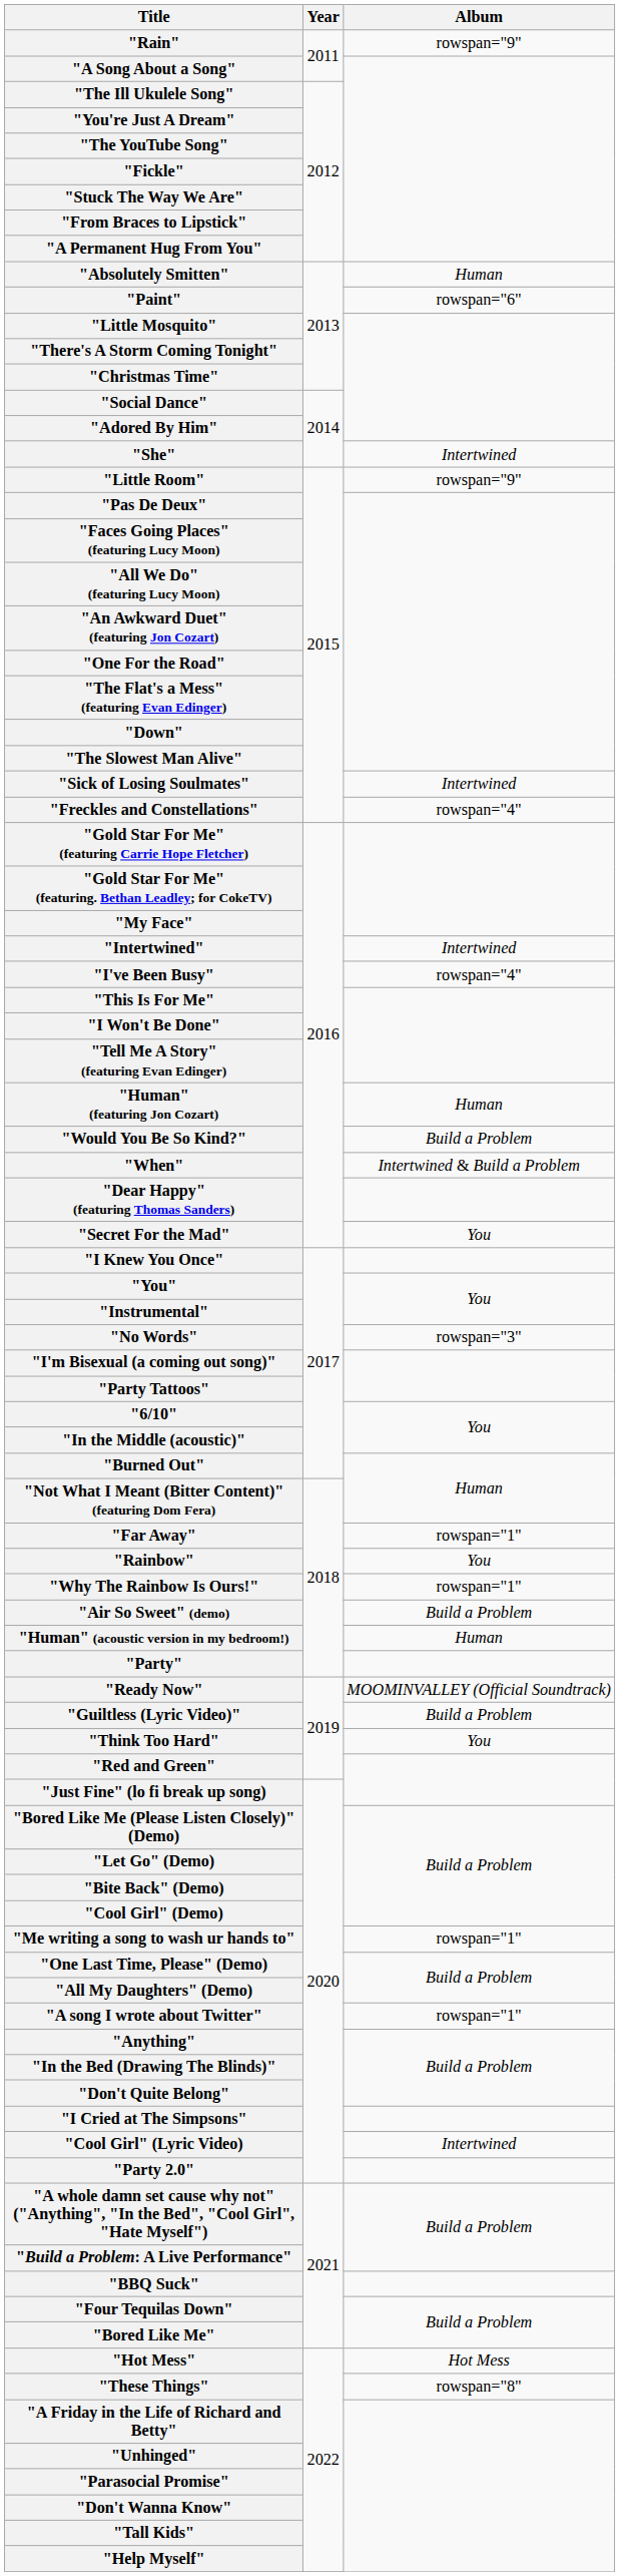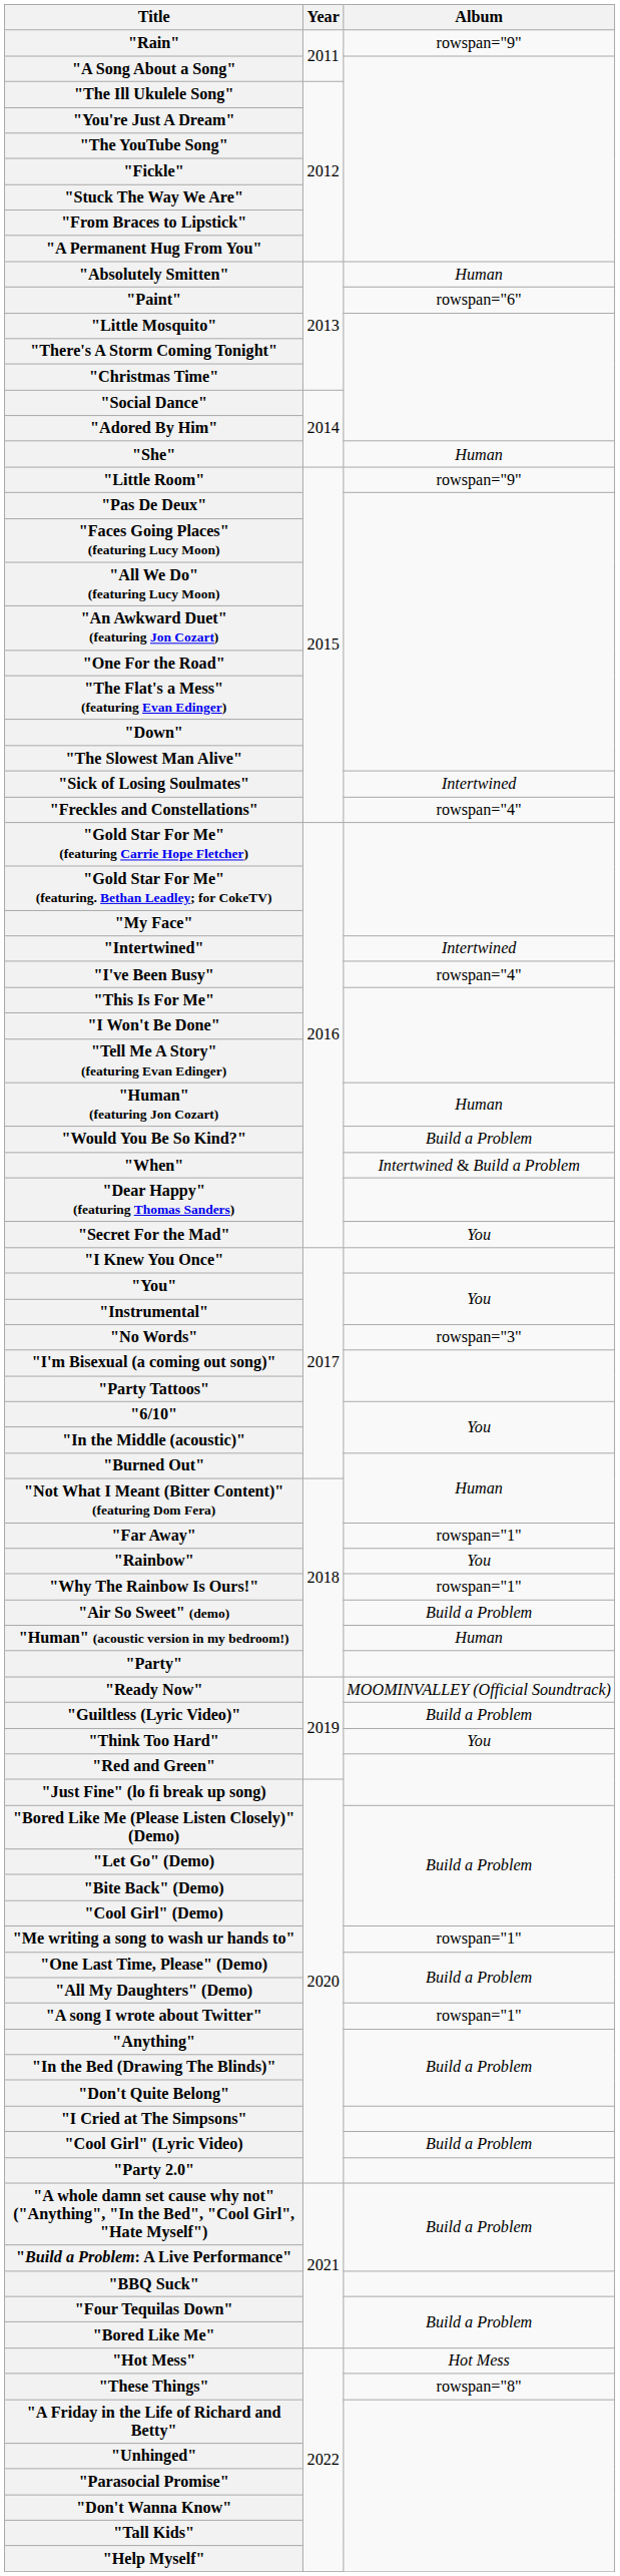 <table class="wikitable plainrowheaders" style="text-align:center;">
 <tr>
 <th scope="col" rowspan="1" style="width:18em;">Title</th>
 <th scope="col" rowspan="1" style="width:1em;">Year</th>
 <th scope="col" rowspan="1">Album</th>
 </tr>
 <tr>
 <th scope="row">"Rain"</th>
 <td rowspan="2">2011</td>
 <td>rowspan="9" </td>
 </tr>
 <tr>
 <th scope="row">"A Song About a Song"</th>
 </tr>
 <tr>
 <th scope="row">"The Ill Ukulele Song"</th>
 <td rowspan="7">2012</td>
 </tr>
 <tr>
 <th scope="row">"You're Just A Dream"</th>
 </tr>
 <tr>
 <th scope="row">"The YouTube Song"</th>
 </tr>
 <tr>
 <th scope="row">"Fickle"</th>
 </tr>
 <tr>
 <th scope="row">"Stuck The Way We Are"</th>
 </tr>
 <tr>
 <th scope="row">"From Braces to Lipstick"</th>
 </tr>
 <tr>
 <th scope="row">"A Permanent Hug From You"</th>
 </tr>
 <tr>
 <th scope="row">"Absolutely Smitten"</th>
 <td rowspan="5">2013</td>
 <td><em>Human</em></td>
 </tr>
 <tr>
 <th scope="row">"Paint"</th>
 <td>rowspan="6" </td>
 </tr>
 <tr>
 <th scope="row">"Little Mosquito"</th>
 </tr>
 <tr>
 <th scope="row">"There's A Storm Coming Tonight"</th>
 </tr>
 <tr>
 <th scope="row">"Christmas Time"</th>
 </tr>
 <tr>
 <th scope="row">"Social Dance"</th>
 <td rowspan="3">2014</td>
 </tr>
 <tr>
 <th scope="row">"Adored By Him"</th>
 </tr>
 <tr>
 <th scope="row">"She"</th>
-<td><em>Intertwined</em></td>
+<td><em>Human</em></td>
 </tr>
 <tr>
 <th scope="row">"Little Room"</th>
 <td rowspan="11">2015</td>
 <td>rowspan="9" </td>
 </tr>
 <tr>
 <th scope="row">"Pas De Deux"</th>
 </tr>
 <tr>
 <th scope="row">"Faces Going Places"<br> <small>(featuring Lucy Moon)</small></th>
 </tr>
 <tr>
 <th scope="row">"All We Do"<br> <small>(featuring Lucy Moon)</small></th>
 </tr>
 <tr>
 <th scope="row">"An Awkward Duet"<br> <small>(featuring <a href='#'>Jon Cozart</a>)</small></th>
 </tr>
 <tr>
 <th scope="row">"One For the Road"</th>
 </tr>
 <tr>
 <th scope="row">"The Flat's a Mess"<br> <small>(featuring <a href='#'>Evan Edinger</a>)</small></th>
 </tr>
 <tr>
 <th scope="row">"Down"</th>
 </tr>
 <tr>
 <th scope="row">"The Slowest Man Alive"</th>
 </tr>
 <tr>
 <th scope="row">"Sick of Losing Soulmates"</th>
 <td><em>Intertwined</em></td>
 </tr>
 <tr>
 <th scope="row">"Freckles and Constellations"</th>
 <td>rowspan="4" </td>
 </tr>
 <tr>
 <th scope="row">"Gold Star For Me"<br> <small>(featuring <a href='#'>Carrie Hope Fletcher</a>)</small></th>
 <td rowspan="13">2016</td>
 </tr>
 <tr>
 <th scope="row">"Gold Star For Me"<br> <small>(featuring. <a href='#'>Bethan Leadley</a>; for CokeTV)</small></th>
 </tr>
 <tr>
 <th scope="row">"My Face"</th>
 </tr>
 <tr>
 <th scope="row">"Intertwined"</th>
 <td><em>Intertwined</em></td>
 </tr>
 <tr>
 <th scope="row">"I've Been Busy"</th>
 <td>rowspan="4" </td>
 </tr>
 <tr>
 <th scope="row">"This Is For Me"</th>
 </tr>
 <tr>
 <th scope="row">"I Won't Be Done"</th>
 </tr>
 <tr>
 <th scope="row">"Tell Me A Story"<br> <small>(featuring Evan Edinger)</small></th>
 </tr>
 <tr>
 <th scope="row">"Human"<br> <small>(featuring Jon Cozart)</small></th>
 <td><em>Human</em></td>
 </tr>
 <tr>
 <th scope="row">"Would You Be So Kind?"</th>
 <td><em>Build a Problem</em></td>
 </tr>
 <tr>
 <th scope="row">"When"</th>
 <td><em>Intertwined</em> & <em>Build a Problem</em></td>
 </tr>
 <tr>
 <th scope="row">"Dear Happy"<br> <small>(featuring <a href='#'>Thomas Sanders</a>)</small></th>
 <td></td>
 </tr>
 <tr>
 <th scope="row">"Secret For the Mad"</th>
 <td><em>You</em></td>
 </tr>
 <tr>
 <th scope="row">"I Knew You Once"</th>
 <td rowspan="9">2017</td>
 <td></td>
 </tr>
 <tr>
 <th scope="row">"You"</th>
 <td rowspan="2"><em>You</em></td>
 </tr>
 <tr>
 <th scope="row">"Instrumental"</th>
 </tr>
 <tr>
 <th scope="row">"No Words"</th>
 <td>rowspan="3" </td>
 </tr>
 <tr>
 <th scope="row">"I'm Bisexual (a coming out song)"</th>
 </tr>
 <tr>
 <th scope="row">"Party Tattoos"</th>
 </tr>
 <tr>
 <th scope="row">"6/10"</th>
 <td rowspan="2"><em>You</em></td>
 </tr>
 <tr>
 <th scope="row">"In the Middle (acoustic)"</th>
 </tr>
 <tr>
 <th scope="row">"Burned Out"</th>
 <td rowspan="2"><em>Human</em></td>
 </tr>
 <tr>
 <th scope="row">"Not What I Meant (Bitter Content)"<br> <small>(featuring Dom Fera)</small></th>
 <td rowspan="7">2018</td>
 </tr>
 <tr>
 <th scope="row">"Far Away"</th>
 <td>rowspan="1" </td>
 </tr>
 <tr>
 <th scope="row">"Rainbow"</th>
 <td><em>You</em></td>
 </tr>
 <tr>
 <th scope="row">"Why The Rainbow Is Ours!"</th>
 <td>rowspan="1" </td>
 </tr>
 <tr>
 <th scope="row">"Air So Sweet" <small>(demo)</small></th>
 <td><em>Build a Problem</em></td>
 </tr>
 <tr>
 <th scope="row">"Human" <small>(acoustic version in my bedroom!)</small></th>
 <td><em>Human</em></td>
 </tr>
 <tr>
 <th scope="row">"Party"</th>
 <td></td>
 </tr>
 <tr>
 <th scope="row">"Ready Now"</th>
 <td rowspan="4">2019</td>
 <td><em>MOOMINVALLEY (Official Soundtrack)</em></td>
 </tr>
 <tr>
 <th scope="row">"Guiltless (Lyric Video)"</th>
 <td><em>Build a Problem</em></td>
 </tr>
 <tr>
 <th scope="row">"Think Too Hard"</th>
 <td><em>You</em></td>
 </tr>
 <tr>
 <th scope="row">"Red and Green"</th>
 </tr>
 <tr>
 <th scope="row">"Just Fine" (lo fi break up song)</th>
 <td rowspan="15">2020</td>
 </tr>
 <tr>
 <th scope="row">"Bored Like Me (Please Listen Closely)" (Demo)</th>
 <td rowspan="4"><em>Build a Problem</em></td>
 </tr>
 <tr>
 <th scope="row">"Let Go" (Demo)</th>
 </tr>
 <tr>
 <th scope="row">"Bite Back" (Demo)</th>
 </tr>
 <tr>
 <th scope="row">"Cool Girl" (Demo)</th>
 </tr>
 <tr>
 <th scope="row">"Me writing a song to wash ur hands to"</th>
 <td>rowspan="1" </td>
 </tr>
 <tr>
 <th scope="row">"One Last Time, Please" (Demo)</th>
 <td rowspan="2"><em>Build a Problem</em></td>
 </tr>
 <tr>
 <th scope="row">"All My Daughters" (Demo)</th>
 </tr>
 <tr>
 <th scope="row">"A song I wrote about Twitter"</th>
 <td>rowspan="1" </td>
 </tr>
 <tr>
 <th scope="row">"Anything"</th>
 <td rowspan="3"><em>Build a Problem</em></td>
 </tr>
 <tr>
 <th scope="row">"In the Bed (Drawing The Blinds)"</th>
 </tr>
 <tr>
 <th scope="row">"Don't Quite Belong"</th>
 </tr>
 <tr>
 <th scope="row">"I Cried at The Simpsons"</th>
 <td></td>
 </tr>
 <tr>
 <th scope="row">"Cool Girl" (Lyric Video)</th>
-<td><em>Intertwined</em></td>
+<td><em>Build a Problem</em></td>
 </tr>
 <tr>
 <th scope="row">"Party 2.0"</th>
 <td></td>
 </tr>
 <tr>
 <th scope="row">"A whole damn set cause why not" ("Anything", "In the Bed", "Cool Girl", "Hate Myself")</th>
 <td rowspan="5">2021</td>
 <td rowspan="2"><em>Build a Problem</em></td>
 </tr>
 <tr>
 <th scope="row">"<em>Build a Problem</em>: A Live Performance"</th>
 </tr>
 <tr>
 <th scope="row">"BBQ Suck"</th>
 <td></td>
 </tr>
 <tr>
 <th scope="row">"Four Tequilas Down"</th>
 <td rowspan="2"><em>Build a Problem</em></td>
 </tr>
 <tr>
 <th scope="row">"Bored Like Me"<br> </th>
 </tr>
 <tr>
 <th scope="row">"Hot Mess"</th>
 <td rowspan="8">2022</td>
 <td><em>Hot Mess</em></td>
 </tr>
 <tr>
 <th scope="row">"These Things"</th>
 <td>rowspan="8" </td>
 </tr>
 <tr>
 <th scope="row">"A Friday in the Life of Richard and Betty"</th>
 </tr>
 <tr>
 <th scope="row">"Unhinged"</th>
 </tr>
 <tr>
 <th scope="row">"Parasocial Promise"</th>
 </tr>
 <tr>
 <th scope="row">"Don't Wanna Know"</th>
 </tr>
 <tr>
 <th scope="row">"Tall Kids"</th>
 </tr>
 <tr>
 <th scope="row">"Help Myself"</th>
 </tr>
 <tr>
 </tr>
 </table>
